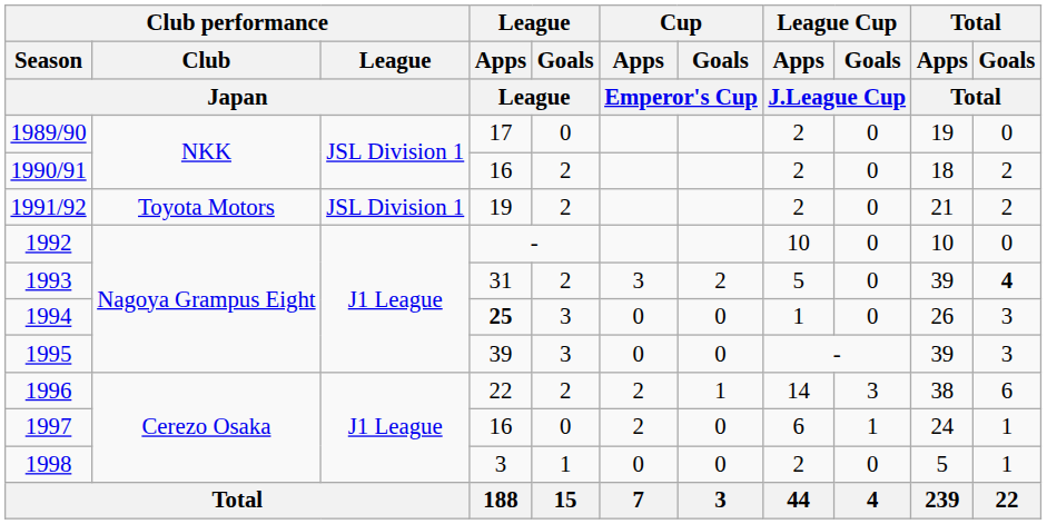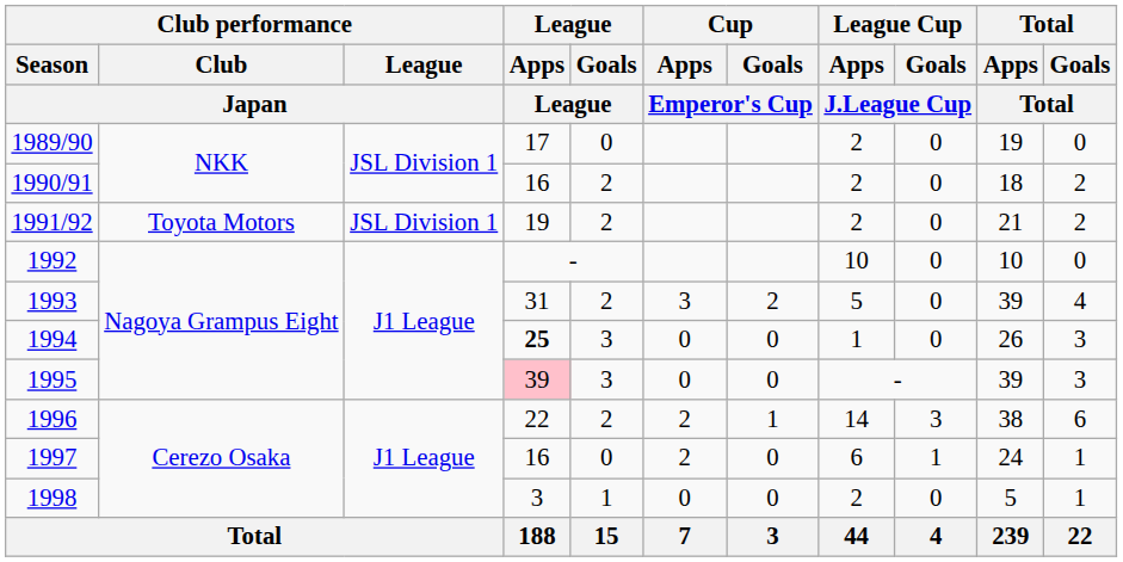 <table class="wikitable" style="text-align:center;">
 <tr>
 <th colspan=3>Club performance</th>
 <th colspan=2>League</th>
 <th colspan=2>Cup</th>
 <th colspan=2>League Cup</th>
 <th colspan=2>Total</th>
 </tr>
 <tr>
 <th>Season</th>
 <th>Club</th>
 <th>League</th>
 <th>Apps</th>
 <th>Goals</th>
 <th>Apps</th>
 <th>Goals</th>
 <th>Apps</th>
 <th>Goals</th>
 <th>Apps</th>
 <th>Goals</th>
 </tr>
 <tr>
 <th colspan=3>Japan</th>
 <th colspan=2>League</th>
 <th colspan=2><a href='#'>Emperor's Cup</a></th>
 <th colspan=2><a href='#'>J.League Cup</a></th>
 <th colspan=2>Total</th>
 </tr>
 <tr>
 <td><a href='#'>1989/90</a></td>
 <td rowspan="2"><a href='#'>NKK</a></td>
 <td rowspan="2"><a href='#'>JSL Division 1</a></td>
 <td>17</td>
 <td>0</td>
 <td></td>
 <td></td>
 <td>2</td>
 <td>0</td>
 <td>19</td>
 <td>0</td>
 </tr>
 <tr>
 <td><a href='#'>1990/91</a></td>
 <td>16</td>
 <td>2</td>
 <td></td>
 <td></td>
 <td>2</td>
 <td>0</td>
 <td>18</td>
 <td>2</td>
 </tr>
 <tr>
 <td><a href='#'>1991/92</a></td>
 <td><a href='#'>Toyota Motors</a></td>
 <td><a href='#'>JSL Division 1</a></td>
 <td>19</td>
 <td>2</td>
 <td></td>
 <td></td>
 <td>2</td>
 <td>0</td>
 <td>21</td>
 <td>2</td>
 </tr>
 <tr>
 <td><a href='#'>1992</a></td>
 <td rowspan="4"><a href='#'>Nagoya Grampus Eight</a></td>
 <td rowspan="4"><a href='#'>J1 League</a></td>
 <td colspan="2">-</td>
 <td></td>
 <td></td>
 <td>10</td>
 <td>0</td>
 <td>10</td>
 <td>0</td>
 </tr>
 <tr>
 <td><a href='#'>1993</a></td>
 <td>31</td>
 <td>2</td>
 <td>3</td>
 <td>2</td>
 <td>5</td>
 <td>0</td>
 <td>39</td>
-<td><strong>4</strong></td>
+<td>4</td>
 </tr>
 <tr>
 <td><a href='#'>1994</a></td>
 <td><strong>25</strong></td>
 <td>3</td>
 <td>0</td>
 <td>0</td>
 <td>1</td>
 <td>0</td>
 <td>26</td>
 <td>3</td>
 </tr>
 <tr>
 <td><a href='#'>1995</a></td>
-<td>39</td>
+<td style="background: pink;">39</td>
 <td>3</td>
 <td>0</td>
 <td>0</td>
 <td colspan="2">-</td>
 <td>39</td>
 <td>3</td>
 </tr>
 <tr>
 <td><a href='#'>1996</a></td>
 <td rowspan="3"><a href='#'>Cerezo Osaka</a></td>
 <td rowspan="3"><a href='#'>J1 League</a></td>
 <td>22</td>
 <td>2</td>
 <td>2</td>
 <td>1</td>
 <td>14</td>
 <td>3</td>
 <td>38</td>
 <td>6</td>
 </tr>
 <tr>
 <td><a href='#'>1997</a></td>
 <td>16</td>
 <td>0</td>
 <td>2</td>
 <td>0</td>
 <td>6</td>
 <td>1</td>
 <td>24</td>
 <td>1</td>
 </tr>
 <tr>
 <td><a href='#'>1998</a></td>
 <td>3</td>
 <td>1</td>
 <td>0</td>
 <td>0</td>
 <td>2</td>
 <td>0</td>
 <td>5</td>
 <td>1</td>
 </tr>
 <tr>
 <th colspan=3>Total</th>
 <th>188</th>
 <th>15</th>
 <th>7</th>
 <th>3</th>
 <th>44</th>
 <th>4</th>
 <th>239</th>
 <th>22</th>
 </tr>
 </table>
